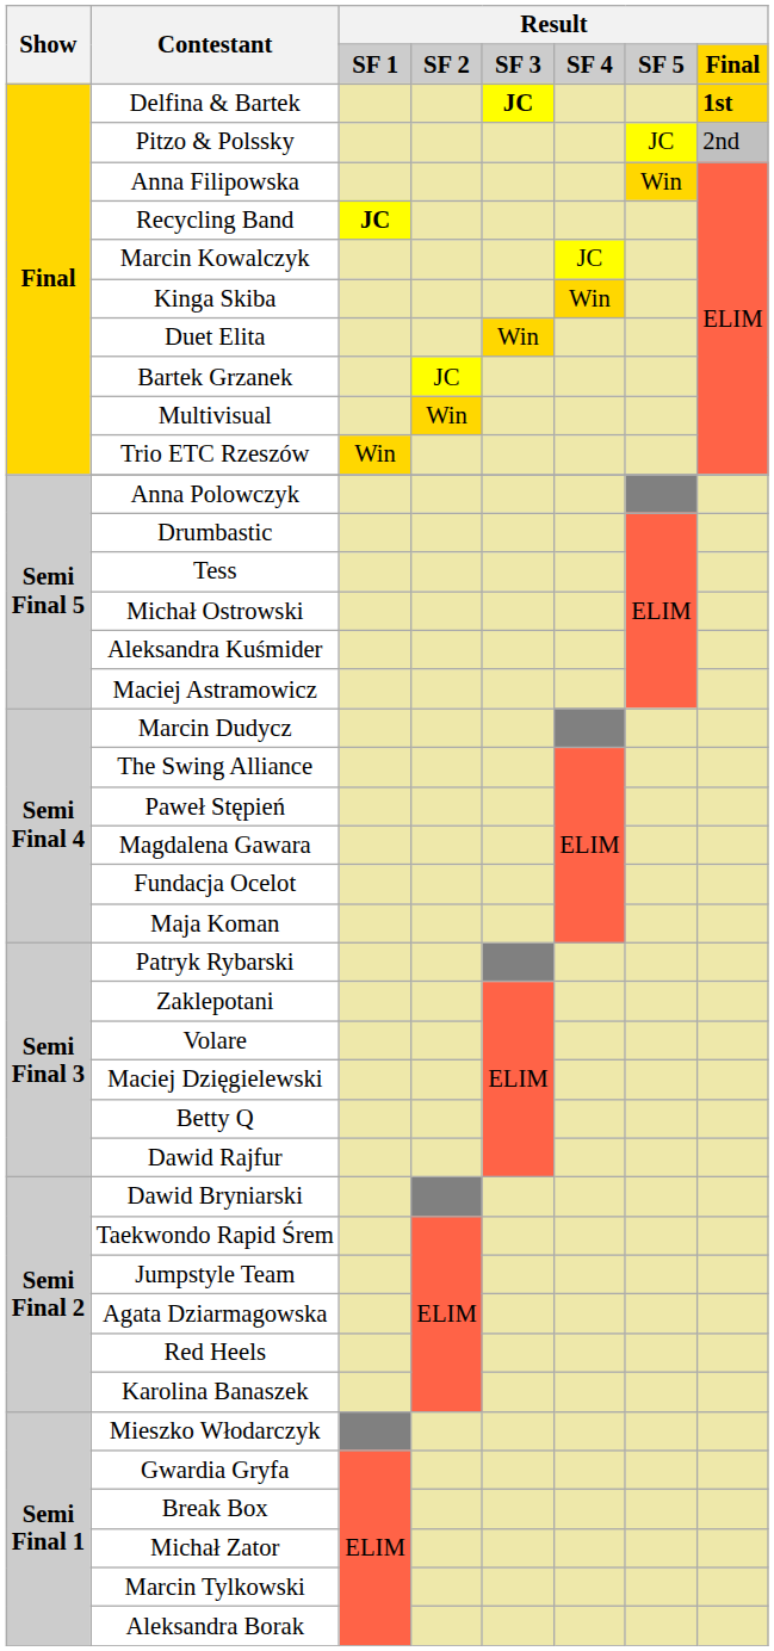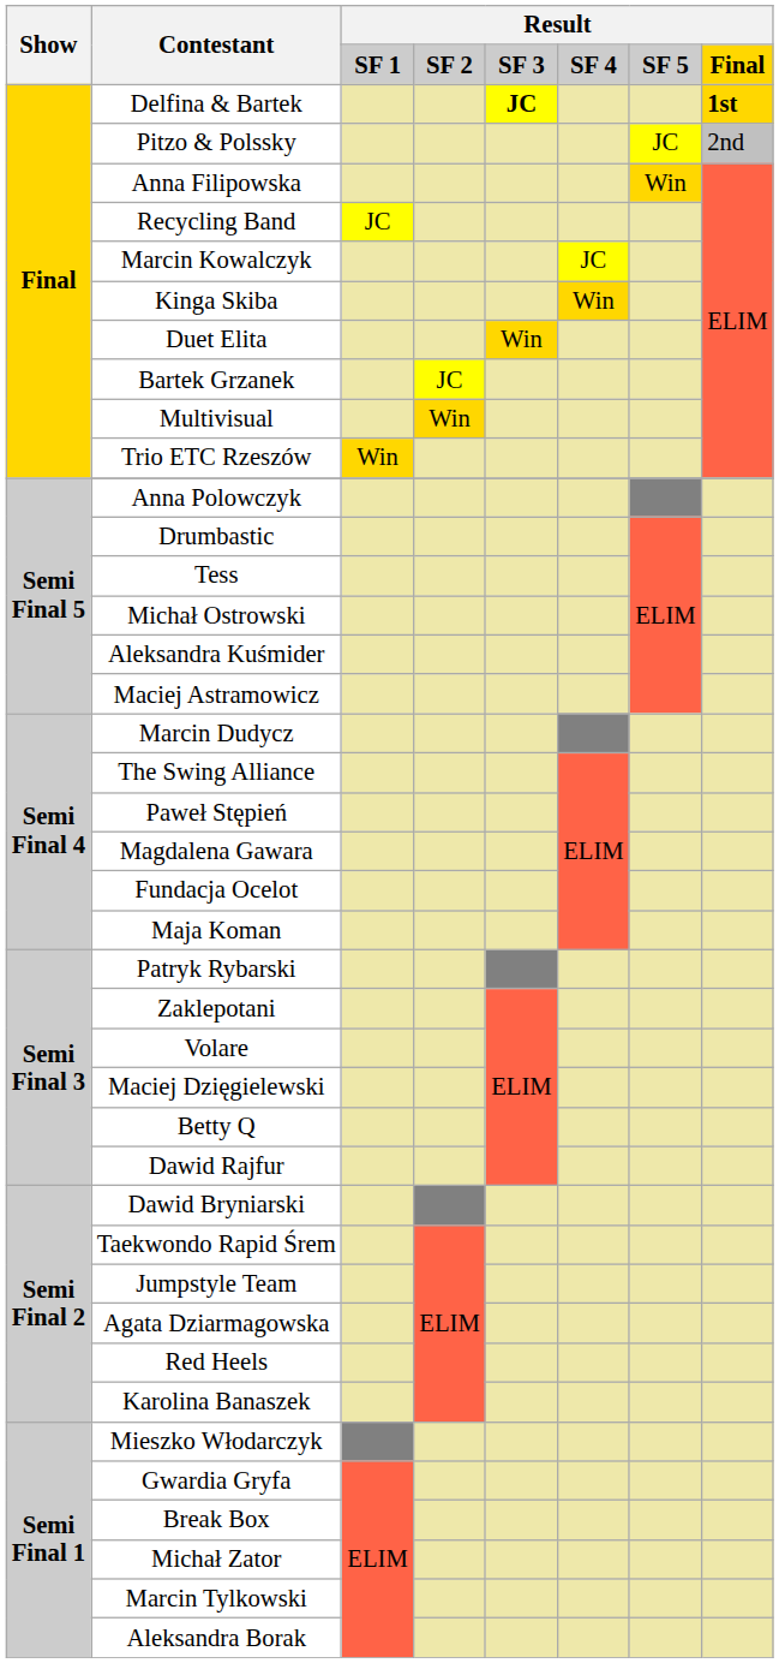 <table class="wikitable" style="margin:0.5em auto">
 <tr>
 <th rowspan=2>Show</th>
 <th rowspan=2>Contestant</th>
 <th colspan=6 align="center">Result</th>
 </tr>
 <tr>
 <td style="text-align:center;background:#CCCCCC"><strong>SF 1</strong></td>
 <td style="text-align:center;background:#CCCCCC"><strong>SF 2</strong></td>
 <td style="text-align:center;background:#CCCCCC"><strong>SF 3</strong></td>
 <td style="text-align:center;background:#CCCCCC"><strong>SF 4</strong></td>
 <td style="text-align:center;background:#CCCCCC"><strong>SF 5</strong></td>
 <td style="text-align:center;background:gold"><strong>Final</strong></td>
 </tr>
 <tr>
 <td style="text-align:center;background:gold" rowspan=10><strong>Final</strong></td>
 <td style="text-align:center;background:white">Delfina & Bartek</td>
 <td bgcolor="palegoldenrod"></td>
 <td bgcolor="palegoldenrod"></td>
 <td style="text-align:center;background:yellow"><strong>JC</strong></td>
 <td bgcolor="palegoldenrod"></td>
 <td bgcolor="palegoldenrod"></td>
 <td bgcolor="gold"><strong>1st</strong></td>
 </tr>
 <tr>
 <td style="text-align:center;background:white">Pitzo & Polssky</td>
 <td bgcolor="palegoldenrod"></td>
 <td bgcolor="palegoldenrod"></td>
 <td bgcolor="palegoldenrod"></td>
 <td bgcolor="palegoldenrod"></td>
 <td style="text-align:center;background:yellow">JC</td>
 <td bgcolor="silver">2nd</td>
 </tr>
 <tr>
 <td style="text-align:center;background:white">Anna Filipowska</td>
 <td bgcolor="palegoldenrod"></td>
 <td bgcolor="palegoldenrod"></td>
 <td bgcolor="palegoldenrod"></td>
 <td bgcolor="palegoldenrod"></td>
 <td style="text-align:center;background:gold">Win</td>
 <td bgcolor="tomato" rowspan=8>ELIM</td>
 </tr>
 <tr>
 <td style="text-align:center;background:white">Recycling Band</td>
-<td style="text-align:center;background:yellow"><strong>JC</strong></td>
+<td style="text-align:center;background:yellow">JC</td>
 <td bgcolor="palegoldenrod"></td>
 <td bgcolor="palegoldenrod"></td>
 <td bgcolor="palegoldenrod"></td>
 <td bgcolor="palegoldenrod"></td>
 </tr>
 <tr>
 <td style="text-align:center;background:white">Marcin Kowalczyk</td>
 <td bgcolor="palegoldenrod"></td>
 <td bgcolor="palegoldenrod"></td>
 <td bgcolor="palegoldenrod"></td>
 <td style="text-align:center;background:yellow">JC</td>
 <td bgcolor="palegoldenrod"></td>
 </tr>
 <tr>
 <td style="text-align:center;background:white">Kinga Skiba</td>
 <td bgcolor="palegoldenrod"></td>
 <td bgcolor="palegoldenrod"></td>
 <td bgcolor="palegoldenrod"></td>
 <td style="text-align:center;background:gold">Win</td>
 <td bgcolor="palegoldenrod"></td>
 </tr>
 <tr>
 <td style="text-align:center;background:white">Duet Elita</td>
 <td bgcolor="palegoldenrod"></td>
 <td bgcolor="palegoldenrod"></td>
 <td style="text-align:center;background:gold">Win</td>
 <td bgcolor="palegoldenrod"></td>
 <td bgcolor="palegoldenrod"></td>
 </tr>
 <tr>
 <td style="text-align:center;background:white">Bartek Grzanek</td>
 <td bgcolor="palegoldenrod"></td>
 <td style="text-align:center;background:yellow">JC</td>
 <td bgcolor="palegoldenrod"></td>
 <td bgcolor="palegoldenrod"></td>
 <td bgcolor="palegoldenrod"></td>
 </tr>
 <tr>
 <td style="text-align:center;background:white">Multivisual</td>
 <td bgcolor="palegoldenrod"></td>
 <td style="text-align:center;background:gold">Win</td>
 <td bgcolor="palegoldenrod"></td>
 <td bgcolor="palegoldenrod"></td>
 <td bgcolor="palegoldenrod"></td>
 </tr>
 <tr>
 <td style="text-align:center;background:white">Trio ETC Rzeszów</td>
 <td style="text-align:center;background:gold">Win</td>
 <td bgcolor="palegoldenrod"></td>
 <td bgcolor="palegoldenrod"></td>
 <td bgcolor="palegoldenrod"></td>
 <td bgcolor="palegoldenrod"></td>
 </tr>
 <tr>
 <td style="text-align:center;background:#CCCCCC" rowspan=7><strong>Semi<br>Final 5</strong></td>
 </tr>
 <tr>
 <td style="text-align:center;background:white">Anna Polowczyk</td>
 <td bgcolor="palegoldenrod"></td>
 <td bgcolor="palegoldenrod"></td>
 <td bgcolor="palegoldenrod"></td>
 <td bgcolor="palegoldenrod"></td>
 <td style="background:grey;color:white;"></td>
 <td bgcolor="palegoldenrod"></td>
 </tr>
 <tr>
 <td style="text-align:center;background:white">Drumbastic</td>
 <td bgcolor="palegoldenrod"></td>
 <td bgcolor="palegoldenrod"></td>
 <td bgcolor="palegoldenrod"></td>
 <td bgcolor="palegoldenrod"></td>
 <td bgcolor="tomato" rowspan=5>ELIM</td>
 <td bgcolor="palegoldenrod"></td>
 </tr>
 <tr>
 <td style="text-align:center;background:white">Tess</td>
 <td bgcolor="palegoldenrod"></td>
 <td bgcolor="palegoldenrod"></td>
 <td bgcolor="palegoldenrod"></td>
 <td bgcolor="palegoldenrod"></td>
 <td bgcolor="palegoldenrod"></td>
 </tr>
 <tr>
 <td style="text-align:center;background:white">Michał Ostrowski</td>
 <td bgcolor="palegoldenrod"></td>
 <td bgcolor="palegoldenrod"></td>
 <td bgcolor="palegoldenrod"></td>
 <td bgcolor="palegoldenrod"></td>
 <td bgcolor="palegoldenrod"></td>
 </tr>
 <tr>
 <td style="text-align:center;background:white">Aleksandra Kuśmider</td>
 <td bgcolor="palegoldenrod"></td>
 <td bgcolor="palegoldenrod"></td>
 <td bgcolor="palegoldenrod"></td>
 <td bgcolor="palegoldenrod"></td>
 <td bgcolor="palegoldenrod"></td>
 </tr>
 <tr>
 <td style="text-align:center;background:white">Maciej Astramowicz</td>
 <td bgcolor="palegoldenrod"></td>
 <td bgcolor="palegoldenrod"></td>
 <td bgcolor="palegoldenrod"></td>
 <td bgcolor="palegoldenrod"></td>
 <td bgcolor="palegoldenrod"></td>
 </tr>
 <tr>
 <td style="text-align:center;background:#CCCCCC" rowspan=6><strong>Semi<br>Final 4</strong></td>
 <td style="text-align:center;background:white">Marcin Dudycz</td>
 <td bgcolor="palegoldenrod"></td>
 <td bgcolor="palegoldenrod"></td>
 <td bgcolor="palegoldenrod"></td>
 <td style="background:grey;color:white;"></td>
 <td bgcolor="palegoldenrod"></td>
 <td bgcolor="palegoldenrod"></td>
 </tr>
 <tr>
 <td style="text-align:center;background:white">The Swing Alliance</td>
 <td bgcolor="palegoldenrod"></td>
 <td bgcolor="palegoldenrod"></td>
 <td bgcolor="palegoldenrod"></td>
 <td bgcolor="tomato" rowspan=5>ELIM</td>
 <td bgcolor="palegoldenrod"></td>
 <td bgcolor="palegoldenrod"></td>
 </tr>
 <tr>
 <td style="text-align:center;background:white">Paweł Stępień</td>
 <td bgcolor="palegoldenrod"></td>
 <td bgcolor="palegoldenrod"></td>
 <td bgcolor="palegoldenrod"></td>
 <td bgcolor="palegoldenrod"></td>
 <td bgcolor="palegoldenrod"></td>
 </tr>
 <tr>
 <td style="text-align:center;background:white">Magdalena Gawara</td>
 <td bgcolor="palegoldenrod"></td>
 <td bgcolor="palegoldenrod"></td>
 <td bgcolor="palegoldenrod"></td>
 <td bgcolor="palegoldenrod"></td>
 <td bgcolor="palegoldenrod"></td>
 </tr>
 <tr>
 <td style="text-align:center;background:white">Fundacja Ocelot</td>
 <td bgcolor="palegoldenrod"></td>
 <td bgcolor="palegoldenrod"></td>
 <td bgcolor="palegoldenrod"></td>
 <td bgcolor="palegoldenrod"></td>
 <td bgcolor="palegoldenrod"></td>
 </tr>
 <tr>
 <td style="text-align:center;background:white">Maja Koman</td>
 <td bgcolor="palegoldenrod"></td>
 <td bgcolor="palegoldenrod"></td>
 <td bgcolor="palegoldenrod"></td>
 <td bgcolor="palegoldenrod"></td>
 <td bgcolor="palegoldenrod"></td>
 </tr>
 <tr>
 <td style="text-align:center;background:#CCCCCC" rowspan=6><strong>Semi<br>Final 3</strong></td>
 <td style="text-align:center;background:white">Patryk Rybarski</td>
 <td bgcolor="palegoldenrod"></td>
 <td bgcolor="palegoldenrod"></td>
 <td style="background:grey;color:white;"></td>
 <td bgcolor="palegoldenrod"></td>
 <td bgcolor="palegoldenrod"></td>
 <td bgcolor="palegoldenrod"></td>
 </tr>
 <tr>
 <td style="text-align:center;background:white">Zaklepotani</td>
 <td bgcolor="palegoldenrod"></td>
 <td bgcolor="palegoldenrod"></td>
 <td bgcolor="tomato" rowspan=5>ELIM</td>
 <td bgcolor="palegoldenrod"></td>
 <td bgcolor="palegoldenrod"></td>
 <td bgcolor="palegoldenrod"></td>
 </tr>
 <tr>
 <td style="text-align:center;background:white">Volare</td>
 <td bgcolor="palegoldenrod"></td>
 <td bgcolor="palegoldenrod"></td>
 <td bgcolor="palegoldenrod"></td>
 <td bgcolor="palegoldenrod"></td>
 <td bgcolor="palegoldenrod"></td>
 </tr>
 <tr>
 <td style="text-align:center;background:white">Maciej Dzięgielewski</td>
 <td bgcolor="palegoldenrod"></td>
 <td bgcolor="palegoldenrod"></td>
 <td bgcolor="palegoldenrod"></td>
 <td bgcolor="palegoldenrod"></td>
 <td bgcolor="palegoldenrod"></td>
 </tr>
 <tr>
 <td style="text-align:center;background:white">Betty Q</td>
 <td bgcolor="palegoldenrod"></td>
 <td bgcolor="palegoldenrod"></td>
 <td bgcolor="palegoldenrod"></td>
 <td bgcolor="palegoldenrod"></td>
 <td bgcolor="palegoldenrod"></td>
 </tr>
 <tr>
 <td style="text-align:center;background:white">Dawid Rajfur</td>
 <td bgcolor="palegoldenrod"></td>
 <td bgcolor="palegoldenrod"></td>
 <td bgcolor="palegoldenrod"></td>
 <td bgcolor="palegoldenrod"></td>
 <td bgcolor="palegoldenrod"></td>
 </tr>
 <tr>
 <td style="text-align:center;background:#CCCCCC" rowspan=6><strong>Semi<br>Final 2</strong></td>
 <td style="text-align:center;background:white">Dawid Bryniarski</td>
 <td bgcolor="palegoldenrod"></td>
 <td style="background:grey;color:white;"></td>
 <td bgcolor="palegoldenrod"></td>
 <td bgcolor="palegoldenrod"></td>
 <td bgcolor="palegoldenrod"></td>
 <td bgcolor="palegoldenrod"></td>
 </tr>
 <tr>
 <td style="text-align:center;background:white">Taekwondo Rapid Śrem</td>
 <td bgcolor="palegoldenrod"></td>
 <td bgcolor="tomato" rowspan=5>ELIM</td>
 <td bgcolor="palegoldenrod"></td>
 <td bgcolor="palegoldenrod"></td>
 <td bgcolor="palegoldenrod"></td>
 <td bgcolor="palegoldenrod"></td>
 </tr>
 <tr>
 <td style="text-align:center;background:white">Jumpstyle Team</td>
 <td bgcolor="palegoldenrod"></td>
 <td bgcolor="palegoldenrod"></td>
 <td bgcolor="palegoldenrod"></td>
 <td bgcolor="palegoldenrod"></td>
 <td bgcolor="palegoldenrod"></td>
 </tr>
 <tr>
 <td style="text-align:center;background:white">Agata Dziarmagowska</td>
 <td bgcolor="palegoldenrod"></td>
 <td bgcolor="palegoldenrod"></td>
 <td bgcolor="palegoldenrod"></td>
 <td bgcolor="palegoldenrod"></td>
 <td bgcolor="palegoldenrod"></td>
 </tr>
 <tr>
 <td style="text-align:center;background:white">Red Heels</td>
 <td bgcolor="palegoldenrod"></td>
 <td bgcolor="palegoldenrod"></td>
 <td bgcolor="palegoldenrod"></td>
 <td bgcolor="palegoldenrod"></td>
 <td bgcolor="palegoldenrod"></td>
 </tr>
 <tr>
 <td style="text-align:center;background:white">Karolina Banaszek</td>
 <td bgcolor="palegoldenrod"></td>
 <td bgcolor="palegoldenrod"></td>
 <td bgcolor="palegoldenrod"></td>
 <td bgcolor="palegoldenrod"></td>
 <td bgcolor="palegoldenrod"></td>
 </tr>
 <tr>
 <td style="text-align:center;background:#CCCCCC" rowspan=6><strong>Semi<br>Final 1</strong></td>
 <td style="text-align:center;background:white">Mieszko Włodarczyk</td>
 <td style="background:grey;color:white;"></td>
 <td bgcolor="palegoldenrod"></td>
 <td bgcolor="palegoldenrod"></td>
 <td bgcolor="palegoldenrod"></td>
 <td bgcolor="palegoldenrod"></td>
 <td bgcolor="palegoldenrod"></td>
 </tr>
 <tr>
 <td style="text-align:center;background:white">Gwardia Gryfa</td>
 <td bgcolor="tomato" rowspan=5>ELIM</td>
 <td bgcolor="palegoldenrod"></td>
 <td bgcolor="palegoldenrod"></td>
 <td bgcolor="palegoldenrod"></td>
 <td bgcolor="palegoldenrod"></td>
 <td bgcolor="palegoldenrod"></td>
 </tr>
 <tr>
 <td style="text-align:center;background:white">Break Box</td>
 <td bgcolor="palegoldenrod"></td>
 <td bgcolor="palegoldenrod"></td>
 <td bgcolor="palegoldenrod"></td>
 <td bgcolor="palegoldenrod"></td>
 <td bgcolor="palegoldenrod"></td>
 </tr>
 <tr>
 <td style="text-align:center;background:white">Michał Zator</td>
 <td bgcolor="palegoldenrod"></td>
 <td bgcolor="palegoldenrod"></td>
 <td bgcolor="palegoldenrod"></td>
 <td bgcolor="palegoldenrod"></td>
 <td bgcolor="palegoldenrod"></td>
 </tr>
 <tr>
 <td style="text-align:center;background:white">Marcin Tylkowski</td>
 <td bgcolor="palegoldenrod"></td>
 <td bgcolor="palegoldenrod"></td>
 <td bgcolor="palegoldenrod"></td>
 <td bgcolor="palegoldenrod"></td>
 <td bgcolor="palegoldenrod"></td>
 </tr>
 <tr>
 <td style="text-align:center;background:white">Aleksandra Borak</td>
 <td bgcolor="palegoldenrod"></td>
 <td bgcolor="palegoldenrod"></td>
 <td bgcolor="palegoldenrod"></td>
 <td bgcolor="palegoldenrod"></td>
 <td bgcolor="palegoldenrod"></td>
 </tr>
 </table>
